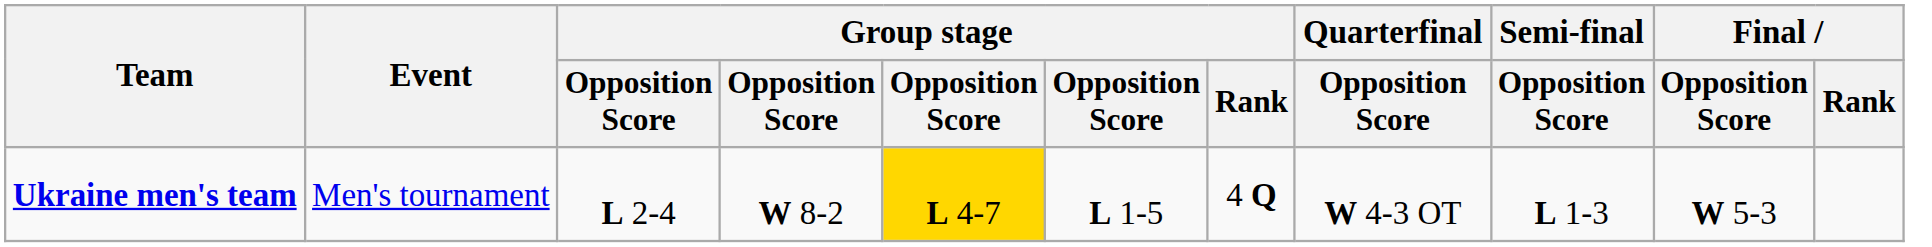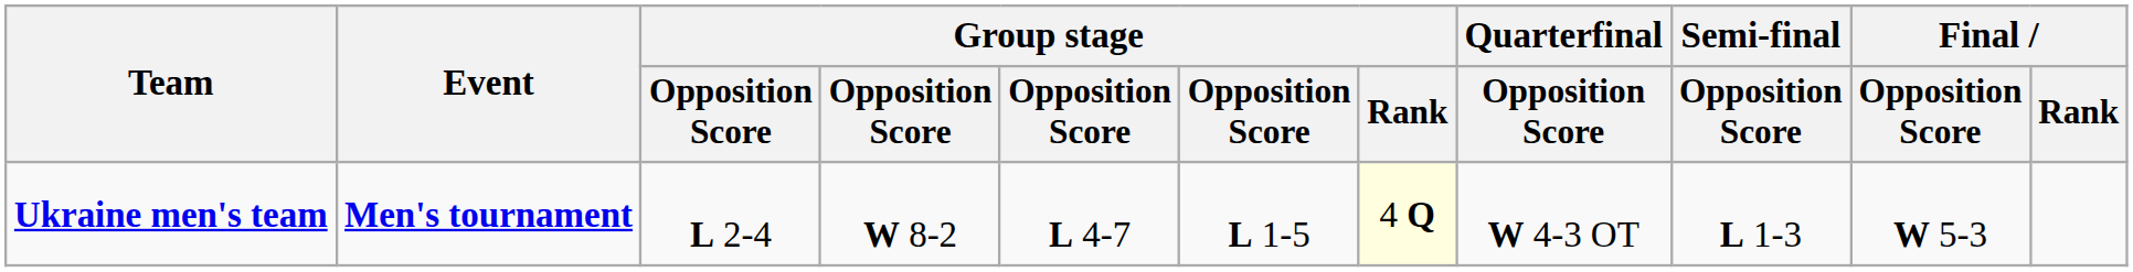 <table class="wikitable" style="font-size:90%">
 <tr>
 <th rowspan=2>Team</th>
 <th rowspan=2>Event</th>
 <th colspan=5>Group stage</th>
 <th>Quarterfinal</th>
 <th>Semi-final</th>
 <th colspan=2>Final / </th>
 </tr>
 <tr style="font-size:95%">
 <th>Opposition<br>Score</th>
 <th>Opposition<br>Score</th>
 <th>Opposition<br>Score</th>
 <th>Opposition<br>Score</th>
 <th>Rank</th>
 <th>Opposition<br>Score</th>
 <th>Opposition<br>Score</th>
 <th>Opposition<br>Score</th>
 <th>Rank</th>
 </tr>
 <tr align=center>
 <td align=left><strong><a href='#'>Ukraine men's team</a></strong></td>
-<td align=left><a href='#'>Men's tournament</a></td>
+<td align=left><strong><a href='#'>Men's tournament</a></strong></td>
 <td><br><strong>L</strong> 2-4</td>
 <td><br><strong>W</strong> 8-2</td>
-<td style="background: gold;"><br><strong>L</strong> 4-7</td>
+<td><br><strong>L</strong> 4-7</td>
 <td><br><strong>L</strong> 1-5</td>
-<td>4 <strong>Q</strong></td>
+<td style="background: lightyellow;">4 <strong>Q</strong></td>
 <td><br><strong>W</strong> 4-3 OT</td>
 <td><br><strong>L</strong> 1-3</td>
 <td><br><strong>W</strong> 5-3</td>
 <td></td>
 </tr>
 </table>
